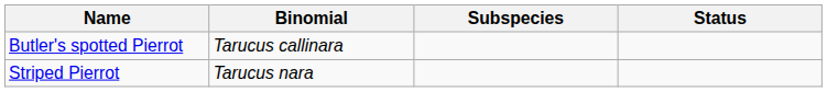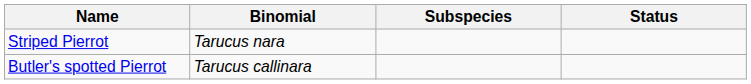 <table width=60% class="wikitable">
 <tr>
 <th width=20%>Name</th>
 <th width=20%>Binomial</th>
 <th width=20%>Subspecies</th>
 <th width=20%>Status</th>
 </tr>
 <tr>
+<td><a href='#'>Striped Pierrot</a><br> </td>
+<td><em>Tarucus nara</em></td>
+<td></td>
+<td></td>
+</tr>
+<tr>
 <td><a href='#'>Butler's spotted Pierrot</a><br> </td>
 <td><em>Tarucus callinara</em></td>
 <td></td>
 <td></td>
 </tr>
-<tr>
-<td><a href='#'>Striped Pierrot</a><br> </td>
-<td><em>Tarucus nara</em></td>
-<td></td>
-<td></td>
-</tr>
 </table>
